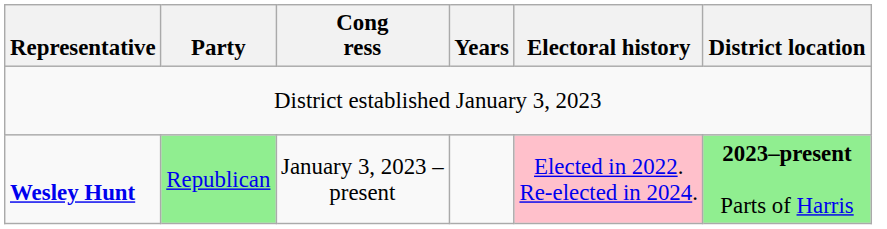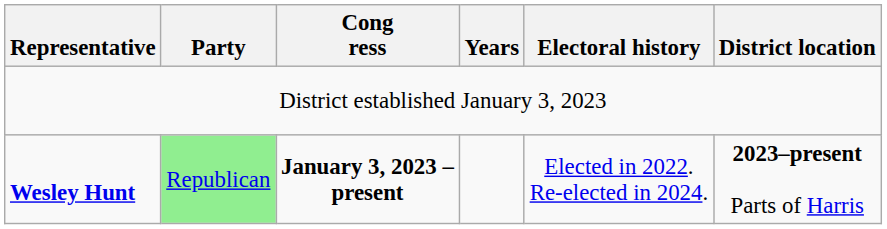 <table class=wikitable style="text-align:center">
 <tr valign=bottom>
 <th>Representative<br></th>
 <th>Party</th>
 <th>Cong<br>ress</th>
 <th>Years</th>
 <th>Electoral history</th>
 <th> District location</th>
 </tr>
 <tr style="height:3em">
 <td colspan=6>District established January 3, 2023</td>
 </tr>
 <tr style="height:3em">
 <td align=left><br> <strong><a href='#'>Wesley Hunt</a></strong><br></td>
 <td style="background: lightgreen;"><a href='#'>Republican</a></td>
-<td nowrap>January 3, 2023 –<br>present</td>
+<td nowrap><strong>January 3, 2023 –<br>present</strong></td>
 <td></td>
-<td style="background: pink;"><a href='#'>Elected in 2022</a>.<br><a href='#'>Re-elected in 2024</a>.</td>
-<td style="background: lightgreen;"><strong>2023–present</strong><br><br>Parts of <a href='#'>Harris</a></td>
+<td><a href='#'>Elected in 2022</a>.<br><a href='#'>Re-elected in 2024</a>.</td>
+<td><strong>2023–present</strong><br><br>Parts of <a href='#'>Harris</a></td>
 </tr>
 </table>
